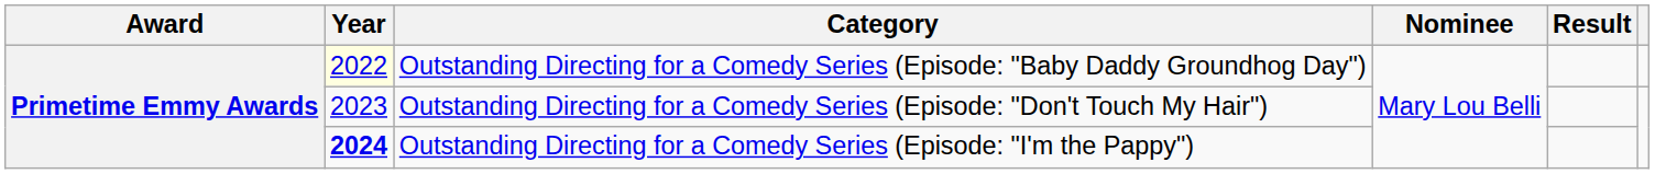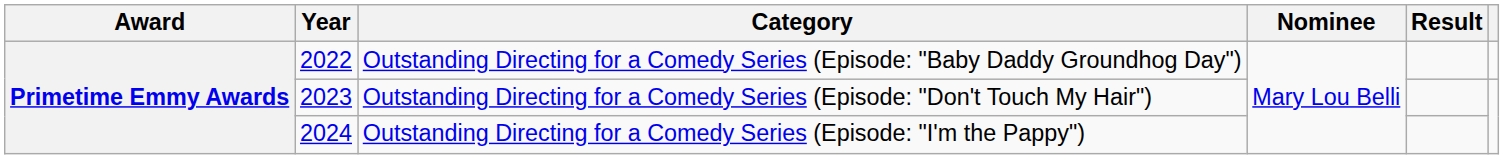 <table class="wikitable plainrowheaders">
 <tr>
 <th scope="col">Award</th>
 <th scope="col">Year</th>
 <th scope="col">Category</th>
 <th scope="col">Nominee</th>
 <th scope="col">Result</th>
 <th scope="col" class="unsortable"></th>
 </tr>
 <tr>
 <th scope="row" rowspan="3"><a href='#'>Primetime Emmy Awards</a></th>
-<td style="background: lightyellow;"><a href='#'>2022</a></td>
+<td><a href='#'>2022</a></td>
 <td><a href='#'>Outstanding Directing for a Comedy Series</a> (Episode: "Baby Daddy Groundhog Day")</td>
 <td rowspan="3"><a href='#'>Mary Lou Belli</a></td>
 <td></td>
 <td></td>
 </tr>
 <tr>
 <td><a href='#'>2023</a></td>
 <td><a href='#'>Outstanding Directing for a Comedy Series</a> (Episode: "Don't Touch My Hair")</td>
 <td></td>
 <td rowspan="3"></td>
 </tr>
 <tr>
-<td><strong><a href='#'>2024</a></strong></td>
+<td><a href='#'>2024</a></td>
 <td><a href='#'>Outstanding Directing for a Comedy Series</a> (Episode: "I'm the Pappy")</td>
 <td></td>
 </tr>
 </table>
